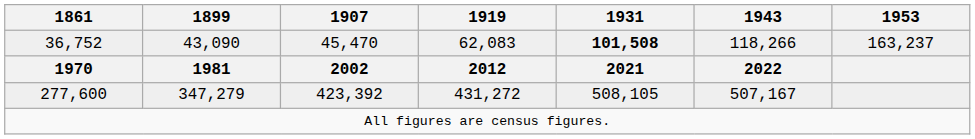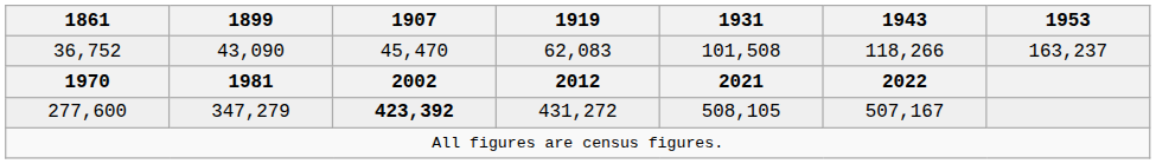 <table class="wikitable"  style="margin:1em auto;" width="50%">
 <tr>
 <th>1861</th>
 <th>1899</th>
 <th>1907</th>
 <th>1919</th>
 <th>1931</th>
 <th>1943</th>
 <th>1953</th>
 </tr>
 <tr bgcolor="#EFEFEF">
 <td align=center>36,752</td>
 <td align=center>43,090</td>
 <td align=center>45,470</td>
 <td align=center>62,083</td>
-<td align=center><strong>101,508</strong></td>
+<td align=center>101,508</td>
 <td align=center>118,266</td>
 <td align=center>163,237</td>
 </tr>
 <tr>
 <th>1970</th>
 <th>1981</th>
 <th>2002</th>
 <th>2012</th>
 <th>2021</th>
 <th>2022</th>
 <th></th>
 </tr>
 <tr bgcolor="#EFEFEF">
 <td align=center>277,600</td>
 <td align=center>347,279</td>
-<td align=center>423,392</td>
+<td align=center><strong>423,392</strong></td>
 <td align=center>431,272</td>
 <td align=center>508,105</td>
 <td align=center>507,167</td>
 <td align=center></td>
 </tr>
 <tr>
 <td colspan=11 align=center><small>All figures are census figures. </small></td>
 </tr>
 </table>
